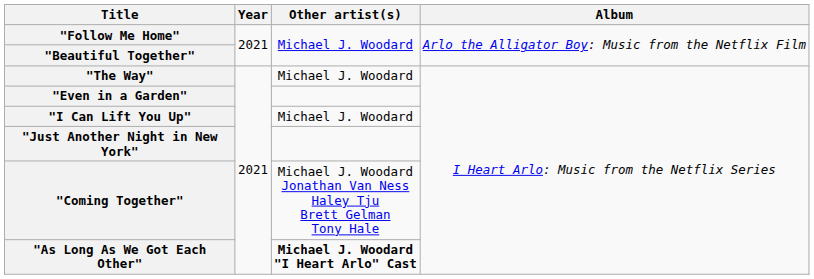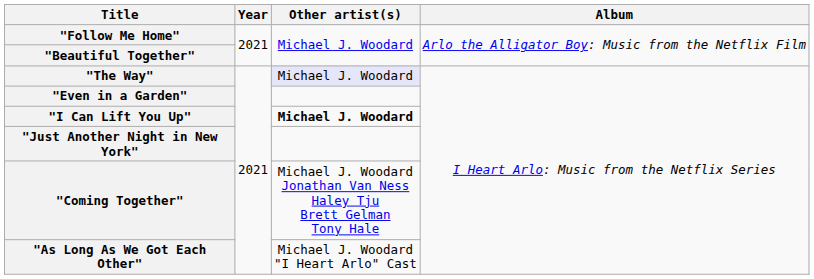 <table class="wikitable plainrowheaders" style="text-align:center;">
 <tr>
 <th scope="col" style="width:18em;">Title</th>
 <th scope="col">Year</th>
 <th scope="col">Other artist(s)</th>
 <th scope="col">Album</th>
 </tr>
 <tr>
 <th scope="row">"Follow Me Home"</th>
 <td rowspan="2">2021</td>
 <td rowspan="2"><a href='#'>Michael J. Woodard</a></td>
 <td rowspan="2"><em><a href='#'>Arlo the Alligator Boy</a>: Music from the Netflix Film</em></td>
 </tr>
 <tr>
 <th scope="row">"Beautiful Together"</th>
 </tr>
 <tr>
 <th scope="row">"The Way"</th>
 <td rowspan="6">2021</td>
-<td>Michael J. Woodard</td>
+<td style="background: lavender;">Michael J. Woodard</td>
 <td rowspan="6"><em><a href='#'>I Heart Arlo</a>: Music from the Netflix Series</em></td>
 </tr>
 <tr>
 <th scope="row">"Even in a Garden"</th>
 <td></td>
 </tr>
 <tr>
 <th scope="row">"I Can Lift You Up"</th>
-<td>Michael J. Woodard</td>
+<td><strong>Michael J. Woodard</strong></td>
 </tr>
 <tr>
 <th scope="row">"Just Another Night in New York"</th>
 <td></td>
 </tr>
 <tr>
 <th scope="row">"Coming Together"</th>
 <td>Michael J. Woodard<br><a href='#'>Jonathan Van Ness</a><br><a href='#'>Haley Tju</a><br><a href='#'>Brett Gelman</a><br><a href='#'>Tony Hale</a></td>
 </tr>
 <tr>
 <th scope="row">"As Long As We Got Each Other"</th>
-<td><strong>Michael J. Woodard<br>"I Heart Arlo" Cast</strong></td>
+<td>Michael J. Woodard<br>"I Heart Arlo" Cast</td>
 </tr>
 </table>
